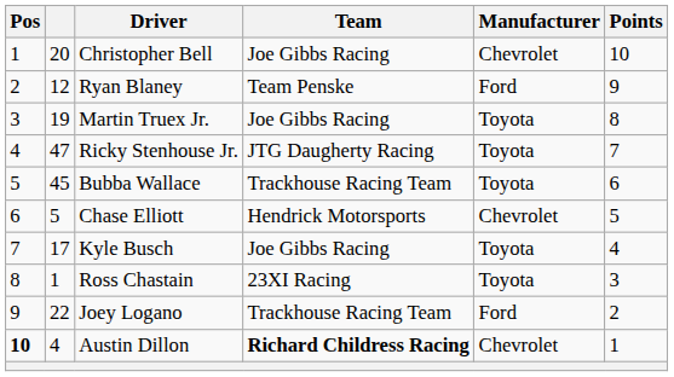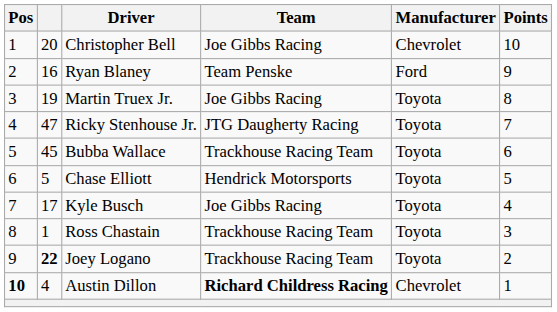 <table class="wikitable" style="font-size:98%">
 <tr>
 <th>Pos</th>
 <th></th>
 <th>Driver</th>
 <th>Team</th>
 <th>Manufacturer</th>
 <th>Points</th>
 </tr>
 <tr>
 <td>1</td>
 <td>20</td>
 <td>Christopher Bell</td>
 <td>Joe Gibbs Racing</td>
 <td>Chevrolet</td>
 <td>10</td>
 </tr>
 <tr>
 <td>2</td>
-<td>12</td>
+<td>16</td>
 <td>Ryan Blaney</td>
 <td>Team Penske</td>
 <td>Ford</td>
 <td>9</td>
 </tr>
 <tr>
 <td>3</td>
 <td>19</td>
 <td>Martin Truex Jr.</td>
 <td>Joe Gibbs Racing</td>
 <td>Toyota</td>
 <td>8</td>
 </tr>
 <tr>
 <td>4</td>
 <td>47</td>
 <td>Ricky Stenhouse Jr.</td>
 <td>JTG Daugherty Racing</td>
 <td>Toyota</td>
 <td>7</td>
 </tr>
 <tr>
 <td>5</td>
 <td>45</td>
 <td>Bubba Wallace</td>
 <td>Trackhouse Racing Team</td>
 <td>Toyota</td>
 <td>6</td>
 </tr>
 <tr>
 <td>6</td>
 <td>5</td>
 <td>Chase Elliott</td>
 <td>Hendrick Motorsports</td>
-<td>Chevrolet</td>
+<td>Toyota</td>
 <td>5</td>
 </tr>
 <tr>
 <td>7</td>
 <td>17</td>
 <td>Kyle Busch</td>
 <td>Joe Gibbs Racing</td>
 <td>Toyota</td>
 <td>4</td>
 </tr>
 <tr>
 <td>8</td>
 <td>1</td>
 <td>Ross Chastain</td>
-<td>23XI Racing</td>
+<td>Trackhouse Racing Team</td>
 <td>Toyota</td>
 <td>3</td>
 </tr>
 <tr>
 <td>9</td>
-<td>22</td>
+<td><strong>22</strong></td>
 <td>Joey Logano</td>
 <td>Trackhouse Racing Team</td>
-<td>Ford</td>
+<td>Toyota</td>
 <td>2</td>
 </tr>
 <tr>
 <td><strong>10</strong></td>
 <td>4</td>
 <td>Austin Dillon</td>
 <td><strong>Richard Childress Racing</strong></td>
 <td>Chevrolet</td>
 <td>1</td>
 </tr>
 <tr>
 <th colspan="6"></th>
 </tr>
 </table>
